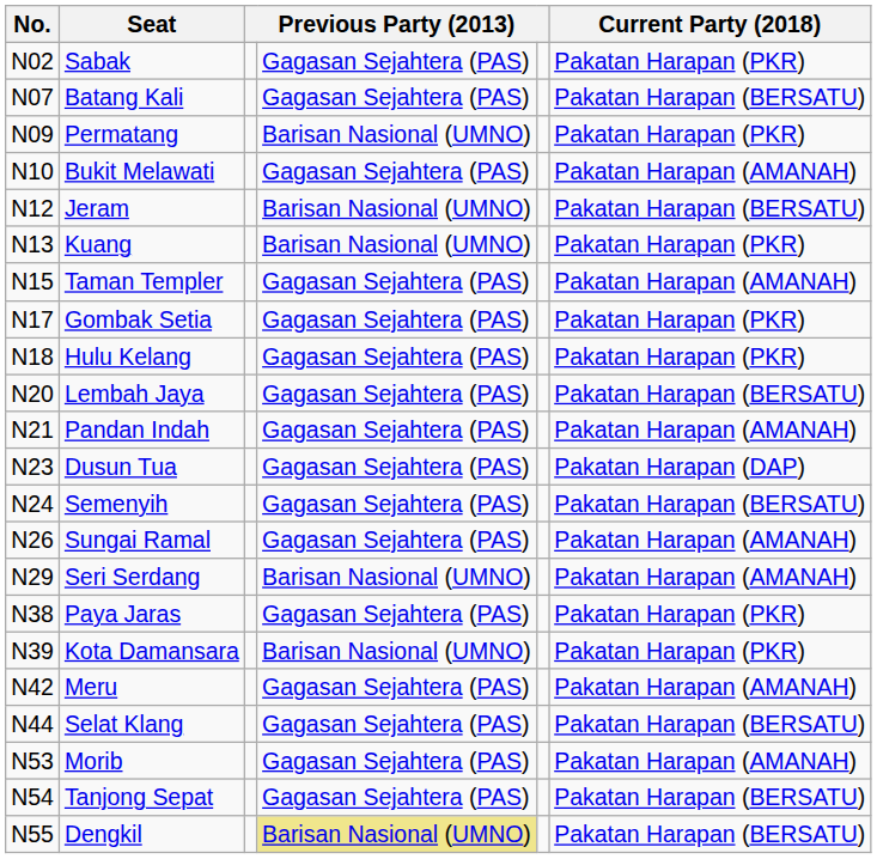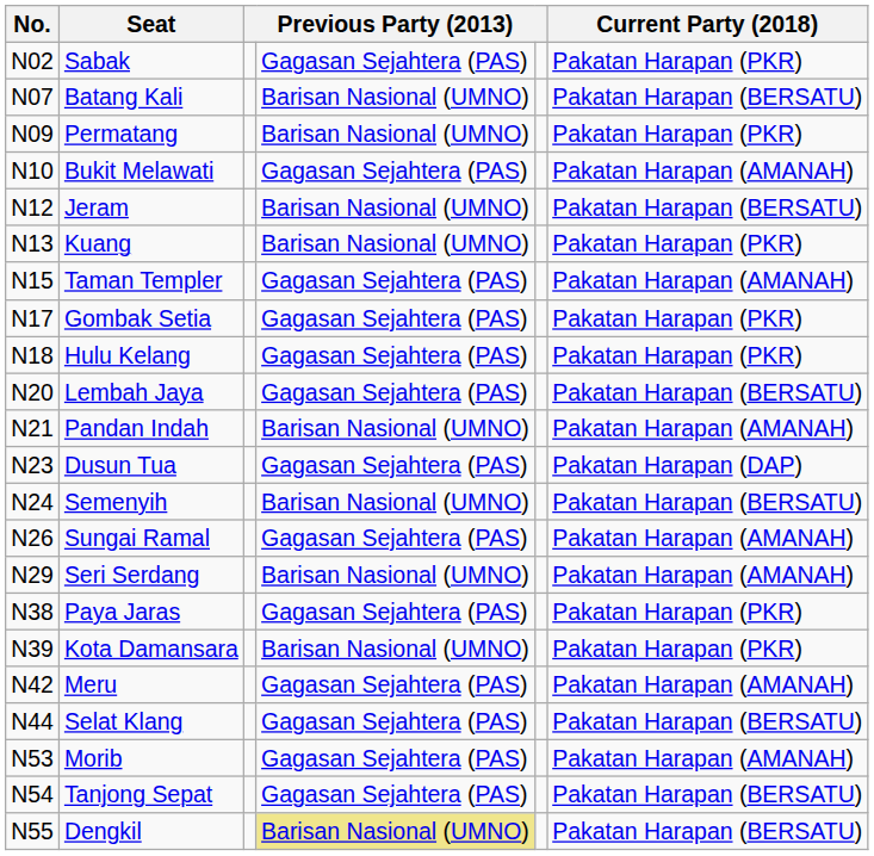 <table class="wikitable sortable" style="font-size:95%;">
 <tr>
 <th scope="col">No.</th>
 <th scope="col">Seat</th>
 <th colspan="3" scope="col">Previous Party (2013)</th>
 <th colspan="3" scope="col">Current Party (2018)</th>
 </tr>
 <tr>
 <td>N02</td>
 <td> <a href='#'>Sabak</a></td>
 <td width="1"></td>
 <td><a href='#'>Gagasan Sejahtera</a> (<a href='#'>PAS</a>)</td>
 <td width="1"></td>
 <td><a href='#'>Pakatan Harapan</a> (<a href='#'>PKR</a>)</td>
 </tr>
 <tr>
 <td>N07</td>
 <td> <a href='#'>Batang Kali</a></td>
 <td width="1"></td>
-<td><a href='#'>Gagasan Sejahtera</a> (<a href='#'>PAS</a>)</td>
+<td><a href='#'>Barisan Nasional</a> (<a href='#'>UMNO</a>)</td>
 <td width="1"></td>
 <td><a href='#'>Pakatan Harapan</a> (<a href='#'>BERSATU</a>)</td>
 </tr>
 <tr>
 <td>N09</td>
 <td> <a href='#'>Permatang</a></td>
 <td width="1"></td>
 <td><a href='#'>Barisan Nasional</a> (<a href='#'>UMNO</a>)</td>
 <td width="1"></td>
 <td><a href='#'>Pakatan Harapan</a> (<a href='#'>PKR</a>)</td>
 </tr>
 <tr>
 <td>N10</td>
 <td> <a href='#'>Bukit Melawati</a></td>
 <td width="1"></td>
 <td><a href='#'>Gagasan Sejahtera</a> (<a href='#'>PAS</a>)</td>
 <td width="1"></td>
 <td><a href='#'>Pakatan Harapan</a> (<a href='#'>AMANAH</a>)</td>
 </tr>
 <tr>
 <td>N12</td>
 <td> <a href='#'>Jeram</a></td>
 <td width="1"></td>
 <td><a href='#'>Barisan Nasional</a> (<a href='#'>UMNO</a>)</td>
 <td width="1"></td>
 <td><a href='#'>Pakatan Harapan</a> (<a href='#'>BERSATU</a>)</td>
 </tr>
 <tr>
 <td>N13</td>
 <td> <a href='#'>Kuang</a></td>
 <td width="1"></td>
 <td><a href='#'>Barisan Nasional</a> (<a href='#'>UMNO</a>)</td>
 <td width="1"></td>
 <td><a href='#'>Pakatan Harapan</a> (<a href='#'>PKR</a>)</td>
 </tr>
 <tr>
 <td>N15</td>
 <td> <a href='#'>Taman Templer</a></td>
 <td width="1"></td>
 <td><a href='#'>Gagasan Sejahtera</a> (<a href='#'>PAS</a>)</td>
 <td width="1"></td>
 <td><a href='#'>Pakatan Harapan</a> (<a href='#'>AMANAH</a>)</td>
 </tr>
 <tr>
 <td>N17</td>
 <td> <a href='#'>Gombak Setia</a></td>
 <td width="1"></td>
 <td><a href='#'>Gagasan Sejahtera</a> (<a href='#'>PAS</a>)</td>
 <td width="1"></td>
 <td><a href='#'>Pakatan Harapan</a> (<a href='#'>PKR</a>)</td>
 </tr>
 <tr>
 <td>N18</td>
 <td> <a href='#'>Hulu Kelang</a></td>
 <td width="1"></td>
 <td><a href='#'>Gagasan Sejahtera</a> (<a href='#'>PAS</a>)</td>
 <td width="1"></td>
 <td><a href='#'>Pakatan Harapan</a> (<a href='#'>PKR</a>)</td>
 </tr>
 <tr>
 <td>N20</td>
 <td> <a href='#'>Lembah Jaya</a></td>
 <td width="1"></td>
 <td><a href='#'>Gagasan Sejahtera</a> (<a href='#'>PAS</a>)</td>
 <td width="1"></td>
 <td><a href='#'>Pakatan Harapan</a> (<a href='#'>BERSATU</a>)</td>
 </tr>
 <tr>
 <td>N21</td>
 <td> <a href='#'>Pandan Indah</a></td>
 <td width="1"></td>
-<td><a href='#'>Gagasan Sejahtera</a> (<a href='#'>PAS</a>)</td>
+<td><a href='#'>Barisan Nasional</a> (<a href='#'>UMNO</a>)</td>
 <td width="1"></td>
 <td><a href='#'>Pakatan Harapan</a> (<a href='#'>AMANAH</a>)</td>
 </tr>
 <tr>
 <td>N23</td>
 <td> <a href='#'>Dusun Tua</a></td>
 <td width="1"></td>
 <td><a href='#'>Gagasan Sejahtera</a> (<a href='#'>PAS</a>)</td>
 <td width="1"></td>
 <td><a href='#'>Pakatan Harapan</a> (<a href='#'>DAP</a>)</td>
 </tr>
 <tr>
 <td>N24</td>
 <td> <a href='#'>Semenyih</a></td>
 <td width="1"></td>
-<td><a href='#'>Gagasan Sejahtera</a> (<a href='#'>PAS</a>)</td>
+<td><a href='#'>Barisan Nasional</a> (<a href='#'>UMNO</a>)</td>
 <td width="1"></td>
 <td><a href='#'>Pakatan Harapan</a> (<a href='#'>BERSATU</a>)</td>
 </tr>
 <tr>
 <td>N26</td>
 <td> <a href='#'>Sungai Ramal</a></td>
 <td width="1"></td>
 <td><a href='#'>Gagasan Sejahtera</a> (<a href='#'>PAS</a>)</td>
 <td width="1"></td>
 <td><a href='#'>Pakatan Harapan</a> (<a href='#'>AMANAH</a>)</td>
 </tr>
 <tr>
 <td>N29</td>
 <td> <a href='#'>Seri Serdang</a></td>
 <td width="1"></td>
 <td><a href='#'>Barisan Nasional</a> (<a href='#'>UMNO</a>)</td>
 <td width="1"></td>
 <td><a href='#'>Pakatan Harapan</a> (<a href='#'>AMANAH</a>)</td>
 </tr>
 <tr>
 <td>N38</td>
 <td> <a href='#'>Paya Jaras</a></td>
 <td width="1"></td>
 <td><a href='#'>Gagasan Sejahtera</a> (<a href='#'>PAS</a>)</td>
 <td width="1"></td>
 <td><a href='#'>Pakatan Harapan</a> (<a href='#'>PKR</a>)</td>
 </tr>
 <tr>
 <td>N39</td>
 <td> <a href='#'>Kota Damansara</a></td>
 <td width="1"></td>
 <td><a href='#'>Barisan Nasional</a> (<a href='#'>UMNO</a>)</td>
 <td width="1"></td>
 <td><a href='#'>Pakatan Harapan</a> (<a href='#'>PKR</a>)</td>
 </tr>
 <tr>
 <td>N42</td>
 <td> <a href='#'>Meru</a></td>
 <td width="1"></td>
 <td><a href='#'>Gagasan Sejahtera</a> (<a href='#'>PAS</a>)</td>
 <td width="1"></td>
 <td><a href='#'>Pakatan Harapan</a> (<a href='#'>AMANAH</a>)</td>
 </tr>
 <tr>
 <td>N44</td>
 <td> <a href='#'>Selat Klang</a></td>
 <td width="1"></td>
 <td><a href='#'>Gagasan Sejahtera</a> (<a href='#'>PAS</a>)</td>
 <td width="1"></td>
 <td><a href='#'>Pakatan Harapan</a> (<a href='#'>BERSATU</a>)</td>
 </tr>
 <tr>
 <td>N53</td>
 <td> <a href='#'>Morib</a></td>
 <td width="1"></td>
 <td><a href='#'>Gagasan Sejahtera</a> (<a href='#'>PAS</a>)</td>
 <td width="1"></td>
 <td><a href='#'>Pakatan Harapan</a> (<a href='#'>AMANAH</a>)</td>
 </tr>
 <tr>
 <td>N54</td>
 <td> <a href='#'>Tanjong Sepat</a></td>
 <td width="1"></td>
 <td><a href='#'>Gagasan Sejahtera</a> (<a href='#'>PAS</a>)</td>
 <td width="1"></td>
 <td><a href='#'>Pakatan Harapan</a> (<a href='#'>BERSATU</a>)</td>
 </tr>
 <tr>
 <td>N55</td>
 <td> <a href='#'>Dengkil</a></td>
 <td width="1"></td>
 <td style="background: khaki;"><a href='#'>Barisan Nasional</a> (<a href='#'>UMNO</a>)</td>
 <td width="1"></td>
 <td><a href='#'>Pakatan Harapan</a> (<a href='#'>BERSATU</a>)</td>
 </tr>
 </table>
